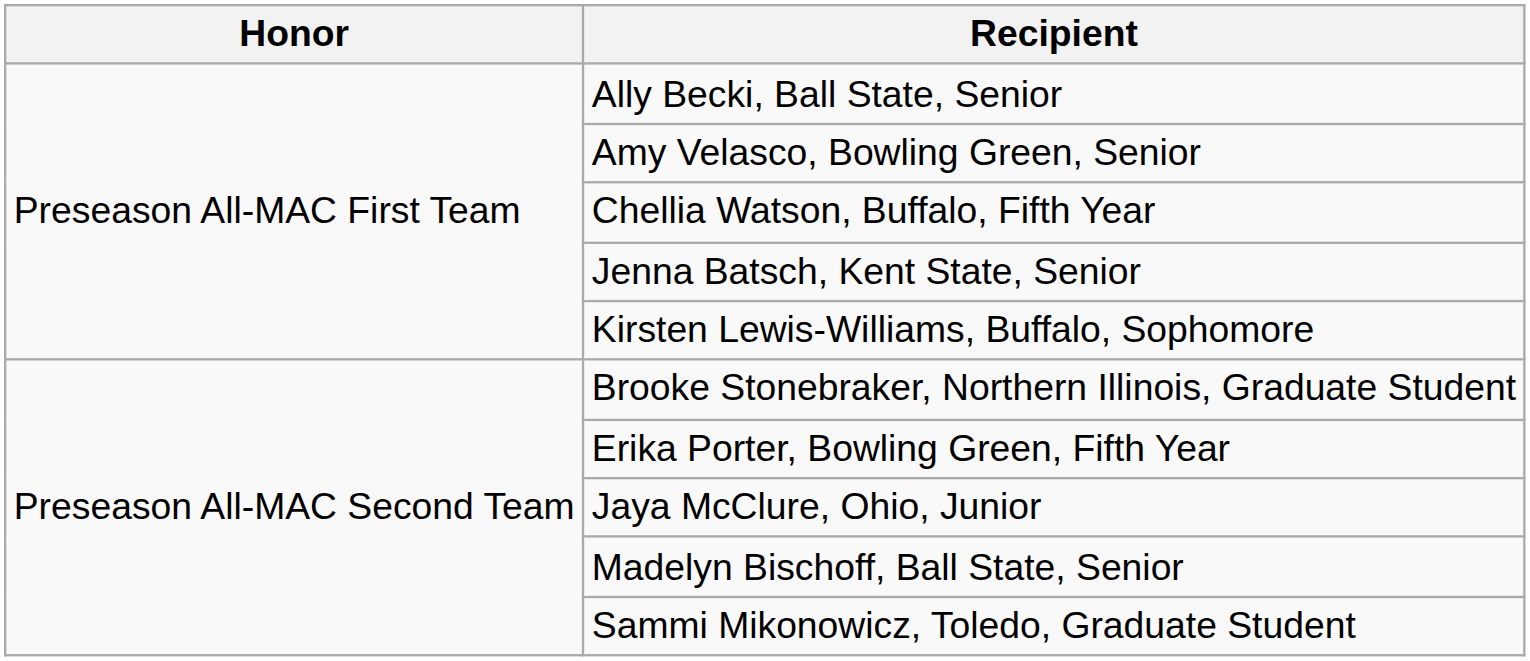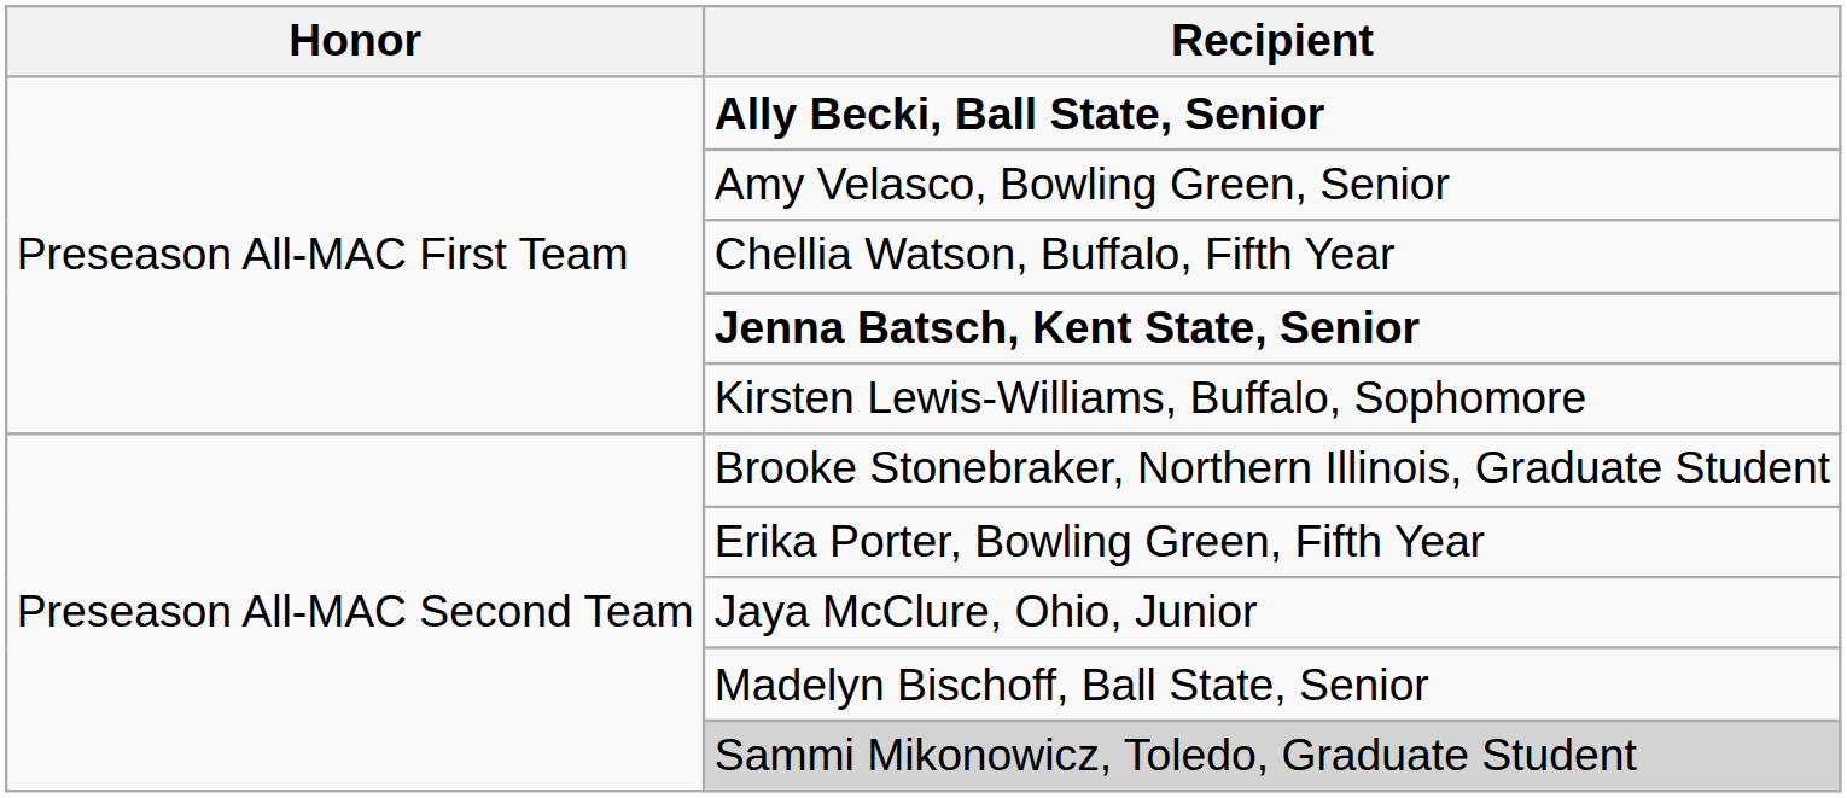 <table class="wikitable" border="1">
 <tr>
 <th>Honor</th>
 <th>Recipient</th>
 </tr>
 <tr>
 <td rowspan=5 valign=middle>Preseason All-MAC First Team</td>
-<td>Ally Becki, Ball State, Senior</td>
+<td><strong>Ally Becki, Ball State, Senior</strong></td>
 </tr>
 <tr>
 <td>Amy Velasco, Bowling Green, Senior</td>
 </tr>
 <tr>
 <td>Chellia Watson, Buffalo, Fifth Year</td>
 </tr>
 <tr>
-<td>Jenna Batsch, Kent State, Senior</td>
+<td><strong>Jenna Batsch, Kent State, Senior</strong></td>
 </tr>
 <tr>
 <td>Kirsten Lewis-Williams, Buffalo, Sophomore</td>
 </tr>
 <tr>
 <td rowspan=6 valign=middle>Preseason All-MAC Second Team</td>
 <td>Brooke Stonebraker, Northern Illinois, Graduate Student</td>
 </tr>
 <tr>
 <td>Erika Porter, Bowling Green, Fifth Year</td>
 </tr>
 <tr>
 <td>Jaya McClure, Ohio, Junior</td>
 </tr>
 <tr>
 <td>Madelyn Bischoff, Ball State, Senior</td>
 </tr>
 <tr>
-<td>Sammi Mikonowicz, Toledo, Graduate Student</td>
+<td style="background: lightgrey;">Sammi Mikonowicz, Toledo, Graduate Student</td>
 </tr>
 </table>
